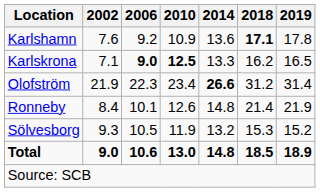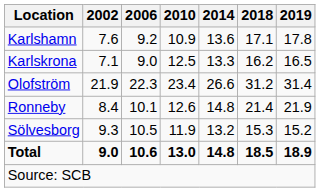 <table class="wikitable sortable" style=text-align:right>
 <tr>
 <th>Location</th>
 <th>2002</th>
 <th>2006</th>
 <th>2010</th>
 <th>2014</th>
 <th>2018</th>
 <th>2019</th>
 </tr>
 <tr>
 <td align=left><a href='#'>Karlshamn</a></td>
 <td>7.6</td>
 <td>9.2</td>
 <td>10.9</td>
 <td>13.6</td>
-<td><strong>17.1</strong></td>
+<td>17.1</td>
 <td>17.8</td>
 </tr>
 <tr>
 <td align=left><a href='#'>Karlskrona</a></td>
 <td>7.1</td>
-<td><strong>9.0</strong></td>
-<td><strong>12.5</strong></td>
+<td>9.0</td>
+<td>12.5</td>
 <td>13.3</td>
 <td>16.2</td>
 <td>16.5</td>
 </tr>
 <tr>
 <td align=left><a href='#'>Olofström</a></td>
 <td>21.9</td>
 <td>22.3</td>
 <td>23.4</td>
-<td><strong>26.6</strong></td>
+<td>26.6</td>
 <td>31.2</td>
 <td>31.4</td>
 </tr>
 <tr>
 <td align=left><a href='#'>Ronneby</a></td>
 <td>8.4</td>
 <td>10.1</td>
 <td>12.6</td>
 <td>14.8</td>
 <td>21.4</td>
 <td>21.9</td>
 </tr>
 <tr>
 <td align=left><a href='#'>Sölvesborg</a></td>
 <td>9.3</td>
 <td>10.5</td>
 <td>11.9</td>
 <td>13.2</td>
 <td>15.3</td>
 <td>15.2</td>
 </tr>
 <tr>
 <td align=left><strong>Total</strong></td>
 <td><strong>9.0</strong></td>
 <td><strong>10.6</strong></td>
 <td><strong>13.0</strong></td>
 <td><strong>14.8</strong></td>
 <td><strong>18.5</strong></td>
 <td><strong>18.9</strong></td>
 </tr>
 <tr>
 <td align=left colspan=7>Source: SCB </td>
 </tr>
 </table>
